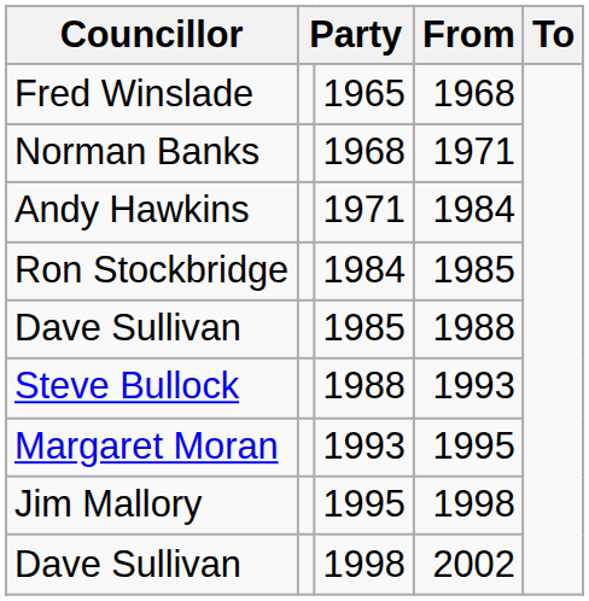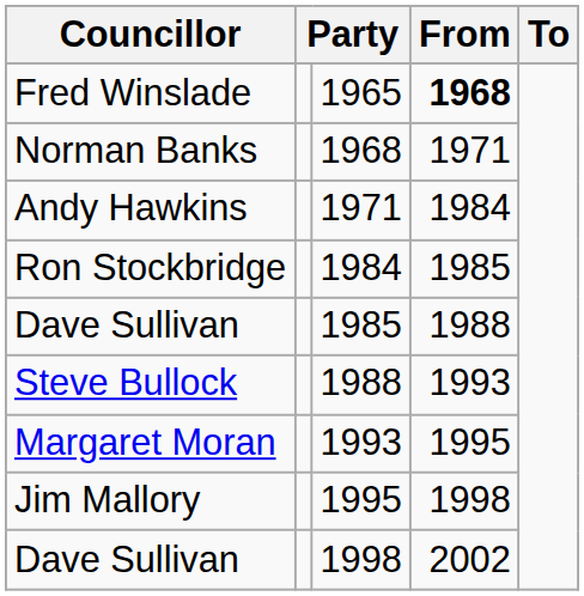 <table class=wikitable>
 <tr>
 <th>Councillor</th>
 <th colspan=2>Party</th>
 <th>From</th>
 <th>To</th>
 </tr>
 <tr>
 <td>Fred Winslade</td>
 <td></td>
 <td align=right>1965</td>
-<td align=right>1968</td>
+<td align=right><strong>1968</strong></td>
 </tr>
 <tr>
 <td>Norman Banks</td>
 <td></td>
 <td align=right>1968</td>
 <td align=right>1971</td>
 </tr>
 <tr>
 <td>Andy Hawkins</td>
 <td></td>
 <td align=right>1971</td>
 <td align=right>1984</td>
 </tr>
 <tr>
 <td>Ron Stockbridge</td>
 <td></td>
 <td align=right>1984</td>
 <td align=right>1985</td>
 </tr>
 <tr>
 <td>Dave Sullivan</td>
 <td></td>
 <td align=right>1985</td>
 <td align=right>1988</td>
 </tr>
 <tr>
 <td><a href='#'>Steve Bullock</a></td>
 <td></td>
 <td align=right>1988</td>
 <td align=right>1993</td>
 </tr>
 <tr>
 <td><a href='#'>Margaret Moran</a></td>
 <td></td>
 <td align=right>1993</td>
 <td align=right>1995</td>
 </tr>
 <tr>
 <td>Jim Mallory</td>
 <td></td>
 <td align=right>1995</td>
 <td align=right>1998</td>
 </tr>
 <tr>
 <td>Dave Sullivan</td>
 <td></td>
 <td align=right>1998</td>
 <td align=right>2002</td>
 </tr>
 </table>
